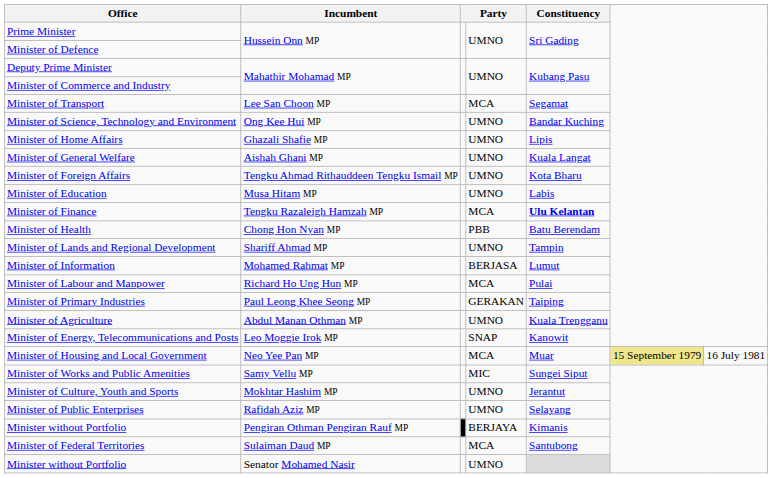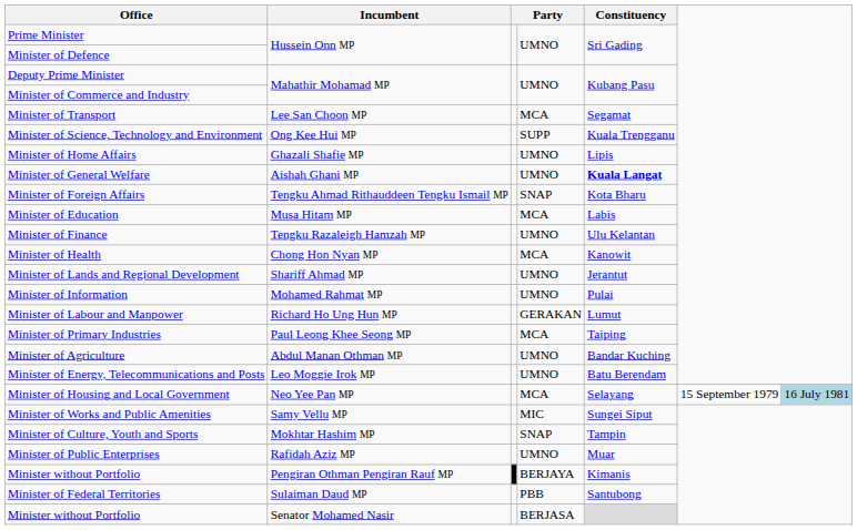 <table class="sortable wikitable">
 <tr>
 <th>Office</th>
 <th>Incumbent</th>
 <th colspan=2>Party</th>
 <th>Constituency</th>
 </tr>
 <tr>
 <td><a href='#'>Prime Minister</a></td>
 <td rowspan=2><a href='#'>Hussein Onn</a> <small>MP</small></td>
 <td rowspan=2></td>
 <td rowspan=2>UMNO</td>
 <td rowspan=2><a href='#'>Sri Gading</a></td>
 </tr>
 <tr>
 <td><a href='#'>Minister of Defence</a></td>
 </tr>
 <tr>
 <td><a href='#'>Deputy Prime Minister</a></td>
 <td rowspan=2><a href='#'>Mahathir Mohamad</a> <small>MP</small></td>
 <td rowspan=2></td>
 <td rowspan=2>UMNO</td>
 <td rowspan=2><a href='#'>Kubang Pasu</a></td>
 </tr>
 <tr>
 <td><a href='#'>Minister of Commerce and Industry</a></td>
 </tr>
 <tr>
 <td><a href='#'>Minister of Transport</a></td>
 <td><a href='#'>Lee San Choon</a> <small>MP</small></td>
 <td rowspan=1></td>
 <td>MCA</td>
 <td><a href='#'>Segamat</a></td>
 </tr>
 <tr>
 <td><a href='#'>Minister of Science, Technology and Environment</a></td>
 <td><a href='#'>Ong Kee Hui</a> <small>MP</small></td>
 <td rowspan=1></td>
-<td>UMNO</td>
-<td><a href='#'>Bandar Kuching</a></td>
+<td>SUPP</td>
+<td><a href='#'>Kuala Trengganu</a></td>
 </tr>
 <tr>
 <td><a href='#'>Minister of Home Affairs</a></td>
 <td><a href='#'>Ghazali Shafie</a> <small>MP</small></td>
 <td rowspan=1></td>
 <td>UMNO</td>
 <td><a href='#'>Lipis</a></td>
 </tr>
 <tr>
 <td><a href='#'>Minister of General Welfare</a></td>
 <td><a href='#'>Aishah Ghani</a> <small>MP</small></td>
 <td rowspan=1></td>
 <td>UMNO</td>
-<td><a href='#'>Kuala Langat</a></td>
+<td><strong><a href='#'>Kuala Langat</a></strong></td>
 </tr>
 <tr>
 <td><a href='#'>Minister of Foreign Affairs</a></td>
 <td><a href='#'>Tengku Ahmad Rithauddeen Tengku Ismail</a> <small>MP</small></td>
 <td rowspan=1></td>
-<td>UMNO</td>
+<td>SNAP</td>
 <td><a href='#'>Kota Bharu</a></td>
 </tr>
 <tr>
 <td><a href='#'>Minister of Education</a></td>
 <td><a href='#'>Musa Hitam</a> <small>MP</small></td>
 <td rowspan=1></td>
-<td>UMNO</td>
+<td>MCA</td>
 <td><a href='#'>Labis</a></td>
 </tr>
 <tr>
 <td><a href='#'>Minister of Finance</a></td>
 <td><a href='#'>Tengku Razaleigh Hamzah</a> <small>MP</small></td>
 <td rowspan=1></td>
-<td>MCA</td>
-<td><strong><a href='#'>Ulu Kelantan</a></strong></td>
+<td>UMNO</td>
+<td><a href='#'>Ulu Kelantan</a></td>
 </tr>
 <tr>
 <td><a href='#'>Minister of Health</a></td>
 <td><a href='#'>Chong Hon Nyan</a> <small>MP</small></td>
 <td rowspan=1></td>
-<td>PBB</td>
-<td><a href='#'>Batu Berendam</a></td>
+<td>MCA</td>
+<td><a href='#'>Kanowit</a></td>
 </tr>
 <tr>
 <td><a href='#'>Minister of Lands and Regional Development</a></td>
 <td><a href='#'>Shariff Ahmad</a> <small>MP</small></td>
 <td rowspan=1></td>
 <td>UMNO</td>
-<td><a href='#'>Tampin</a></td>
+<td><a href='#'>Jerantut</a></td>
 </tr>
 <tr>
 <td><a href='#'>Minister of Information</a></td>
 <td><a href='#'>Mohamed Rahmat</a> <small>MP</small></td>
 <td rowspan=1></td>
-<td>BERJASA</td>
-<td><a href='#'>Lumut</a></td>
+<td>UMNO</td>
+<td><a href='#'>Pulai</a></td>
 </tr>
 <tr>
 <td><a href='#'>Minister of Labour and Manpower</a></td>
 <td><a href='#'>Richard Ho Ung Hun</a> <small>MP</small></td>
 <td rowspan=1></td>
-<td>MCA</td>
-<td><a href='#'>Pulai</a></td>
+<td>GERAKAN</td>
+<td><a href='#'>Lumut</a></td>
 </tr>
 <tr>
 <td><a href='#'>Minister of Primary Industries</a></td>
 <td><a href='#'>Paul Leong Khee Seong</a> <small>MP</small></td>
 <td rowspan=1></td>
-<td>GERAKAN</td>
+<td>MCA</td>
 <td><a href='#'>Taiping</a></td>
 </tr>
 <tr>
 <td><a href='#'>Minister of Agriculture</a></td>
 <td><a href='#'>Abdul Manan Othman</a> <small>MP</small></td>
 <td rowspan=1></td>
 <td>UMNO</td>
-<td><a href='#'>Kuala Trengganu</a></td>
+<td><a href='#'>Bandar Kuching</a></td>
 </tr>
 <tr>
 <td><a href='#'>Minister of Energy, Telecommunications and Posts</a></td>
 <td><a href='#'>Leo Moggie Irok</a> <small>MP</small></td>
 <td rowspan=1></td>
-<td>SNAP</td>
-<td><a href='#'>Kanowit</a></td>
+<td>UMNO</td>
+<td><a href='#'>Batu Berendam</a></td>
 </tr>
 <tr>
 <td><a href='#'>Minister of Housing and Local Government</a></td>
 <td><a href='#'>Neo Yee Pan</a> <small>MP</small></td>
 <td rowspan=1></td>
 <td>MCA</td>
-<td><a href='#'>Muar</a></td>
-<td style="background: khaki;">15 September 1979</td>
-<td>16 July 1981</td>
+<td><a href='#'>Selayang</a></td>
+<td>15 September 1979</td>
+<td style="background: lightblue;">16 July 1981</td>
 </tr>
 <tr>
 <td><a href='#'>Minister of Works and Public Amenities</a></td>
 <td><a href='#'>Samy Vellu</a> <small>MP</small></td>
 <td rowspan=1></td>
 <td>MIC</td>
 <td><a href='#'>Sungei Siput</a></td>
 </tr>
 <tr>
 <td><a href='#'>Minister of Culture, Youth and Sports</a></td>
 <td><a href='#'>Mokhtar Hashim</a> <small>MP</small></td>
 <td rowspan=1></td>
-<td>UMNO</td>
-<td><a href='#'>Jerantut</a></td>
+<td>SNAP</td>
+<td><a href='#'>Tampin</a></td>
 </tr>
 <tr>
 <td><a href='#'>Minister of Public Enterprises</a></td>
 <td><a href='#'>Rafidah Aziz</a> <small>MP</small></td>
 <td rowspan=1></td>
 <td>UMNO</td>
-<td><a href='#'>Selayang</a></td>
+<td><a href='#'>Muar</a></td>
 </tr>
 <tr>
 <td><a href='#'>Minister without Portfolio</a></td>
 <td><a href='#'>Pengiran Othman Pengiran Rauf</a> <small>MP</small></td>
 <td rowspan=1 bgcolor=black></td>
 <td>BERJAYA</td>
 <td><a href='#'>Kimanis</a></td>
 </tr>
 <tr>
 <td><a href='#'>Minister of Federal Territories</a></td>
 <td><a href='#'>Sulaiman Daud</a> <small>MP</small></td>
 <td rowspan=1></td>
-<td>MCA</td>
+<td>PBB</td>
 <td><a href='#'>Santubong</a></td>
 </tr>
 <tr>
 <td><a href='#'>Minister without Portfolio</a></td>
 <td>Senator <a href='#'>Mohamed Nasir</a></td>
 <td rowspan=1></td>
-<td>UMNO</td>
+<td>BERJASA</td>
 <td bgcolor=dcdcdc></td>
 </tr>
 </table>
